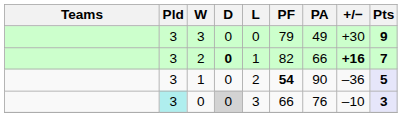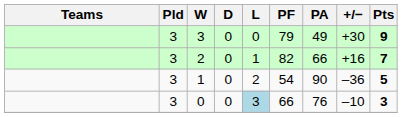 <table class="wikitable" style="text-align: center;">
 <tr>
 <th width="175">Teams</th>
 <th width="25">Pld</th>
 <th width="25">W</th>
 <th width="25">D</th>
 <th width="25">L</th>
 <th width="32">PF</th>
 <th width="32">PA</th>
 <th width="32">+/−</th>
 <th width="25">Pts</th>
 </tr>
 <tr bgcolor=ccffcc>
 <td align=left></td>
 <td>3</td>
 <td>3</td>
 <td>0</td>
 <td>0</td>
 <td>79</td>
 <td>49</td>
 <td>+30</td>
 <td><strong>9</strong></td>
 </tr>
 <tr bgcolor=ccffcc>
 <td align=left></td>
 <td>3</td>
 <td>2</td>
-<td><strong>0</strong></td>
+<td>0</td>
 <td>1</td>
 <td>82</td>
 <td>66</td>
-<td><strong>+16</strong></td>
+<td>+16</td>
 <td><strong>7</strong></td>
 </tr>
 <tr>
 <td align=left></td>
 <td>3</td>
 <td>1</td>
 <td>0</td>
 <td>2</td>
-<td><strong>54</strong></td>
+<td>54</td>
 <td>90</td>
 <td>–36</td>
-<td style="background: lavender;"><strong>5</strong></td>
+<td><strong>5</strong></td>
 </tr>
 <tr>
 <td align=left></td>
-<td style="background: paleturquoise;">3</td>
+<td>3</td>
 <td>0</td>
-<td style="background: lightgrey;">0</td>
-<td>3</td>
+<td>0</td>
+<td style="background: lightblue;">3</td>
 <td>66</td>
 <td>76</td>
 <td>–10</td>
-<td style="background: lavender;"><strong>3</strong></td>
+<td><strong>3</strong></td>
 </tr>
 <tr>
 </tr>
 </table>
